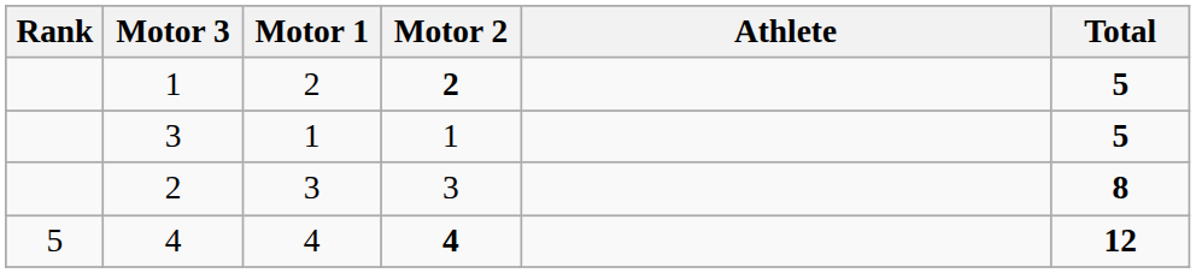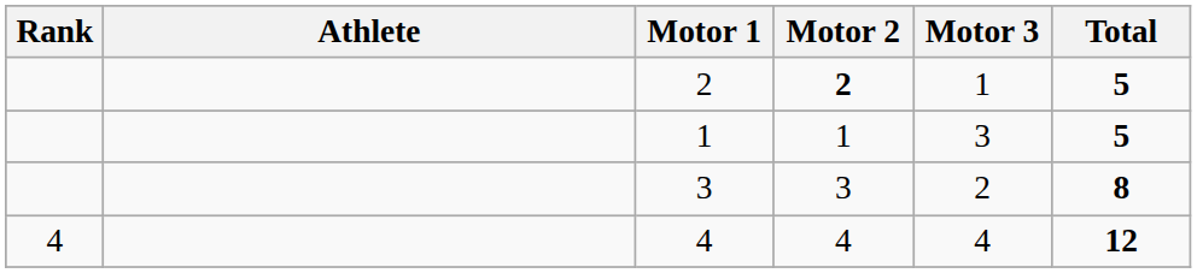 <table class=wikitable style="text-align:center">
 <tr>
 <th width=40>Rank</th>
-<th width=60>Motor 3</th>
+<th width=250>Athlete</th>
 <th width=60>Motor 1</th>
 <th width=60>Motor 2</th>
-<th width=250>Athlete</th>
+<th width=60>Motor 3</th>
 <th width=60>Total</th>
 </tr>
 <tr>
 <td></td>
-<td>1</td>
+<td align=left></td>
 <td>2</td>
 <td><strong>2</strong></td>
-<td align=left></td>
+<td>1</td>
 <td><strong>5</strong></td>
 </tr>
 <tr>
 <td></td>
-<td>3</td>
+<td align=left></td>
 <td>1</td>
 <td>1</td>
-<td align=left></td>
+<td>3</td>
 <td><strong>5</strong></td>
 </tr>
 <tr>
 <td></td>
-<td>2</td>
+<td align=left></td>
 <td>3</td>
 <td>3</td>
-<td align=left></td>
+<td>2</td>
 <td><strong>8</strong></td>
 </tr>
 <tr>
-<td>5</td>
+<td>4</td>
+<td align=left></td>
 <td>4</td>
 <td>4</td>
-<td><strong>4</strong></td>
-<td align=left></td>
+<td>4</td>
 <td><strong>12</strong></td>
 </tr>
 </table>
